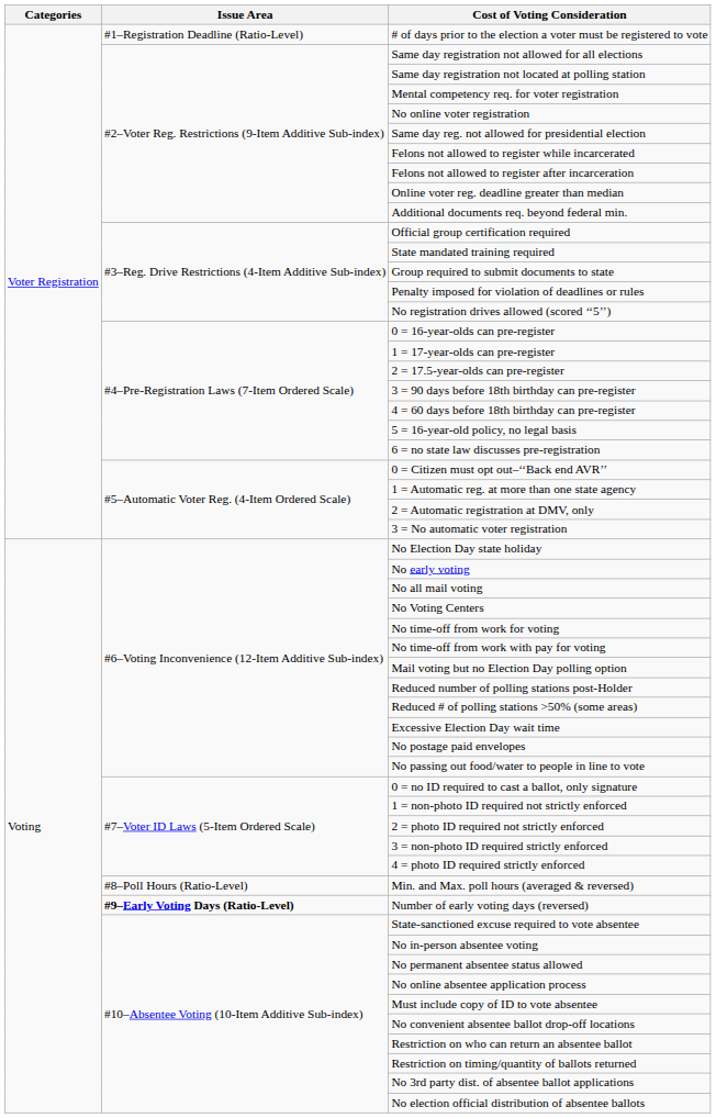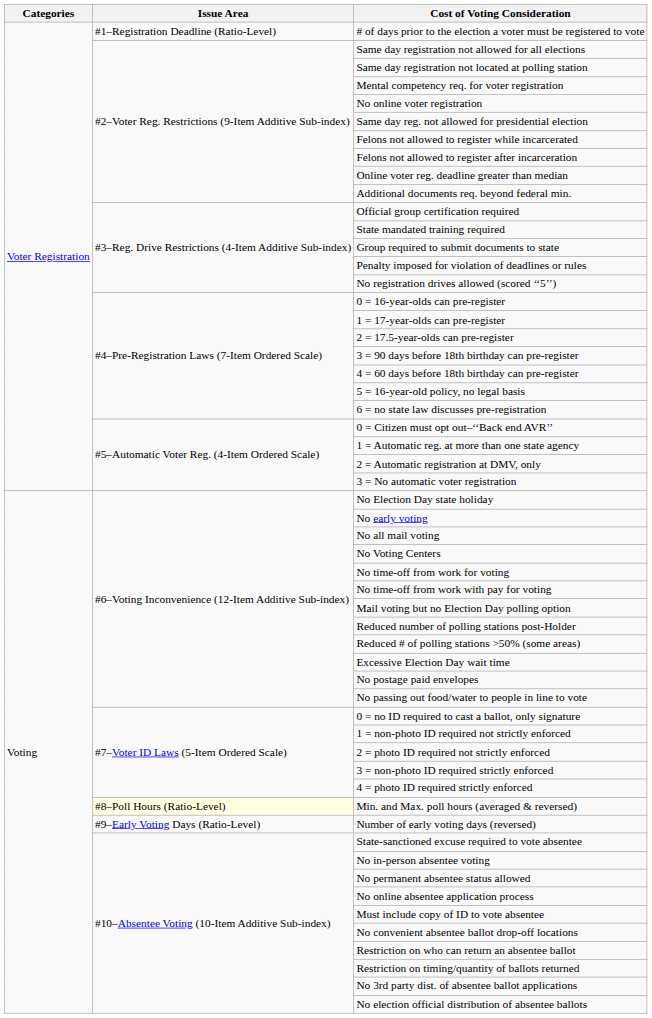 <table class="wikitable">
 <tr>
 <th>Categories</th>
 <th>Issue Area</th>
 <th>Cost of Voting Consideration</th>
 </tr>
 <tr>
 <td rowspan="26"><a href='#'>Voter Registration</a></td>
 <td>#1–Registration Deadline (Ratio-Level)</td>
 <td># of days prior to the election a voter must be registered to vote</td>
 </tr>
 <tr>
 <td rowspan="9">#2–Voter Reg. Restrictions (9-Item Additive Sub-index)</td>
 <td>Same day registration not allowed for all elections</td>
 </tr>
 <tr>
 <td>Same day registration not located at polling station</td>
 </tr>
 <tr>
 <td>Mental competency req. for voter registration</td>
 </tr>
 <tr>
 <td>No online voter registration</td>
 </tr>
 <tr>
 <td>Same day reg. not allowed for presidential election</td>
 </tr>
 <tr>
 <td>Felons not allowed to register while incarcerated</td>
 </tr>
 <tr>
 <td>Felons not allowed to register after incarceration</td>
 </tr>
 <tr>
 <td>Online voter reg. deadline greater than median</td>
 </tr>
 <tr>
 <td>Additional documents req. beyond federal min.</td>
 </tr>
 <tr>
 <td rowspan="5">#3–Reg. Drive Restrictions (4-Item Additive Sub-index)</td>
 <td>Official group certification required</td>
 </tr>
 <tr>
 <td>State mandated training required</td>
 </tr>
 <tr>
 <td>Group required to submit documents to state</td>
 </tr>
 <tr>
 <td>Penalty imposed for violation of deadlines or rules</td>
 </tr>
 <tr>
 <td>No registration drives allowed (scored ‘‘5’’)</td>
 </tr>
 <tr>
 <td rowspan="7">#4–Pre-Registration Laws (7-Item Ordered Scale)</td>
 <td>0 = 16-year-olds can pre-register</td>
 </tr>
 <tr>
 <td>1 = 17-year-olds can pre-register</td>
 </tr>
 <tr>
 <td>2 = 17.5-year-olds can pre-register</td>
 </tr>
 <tr>
 <td>3 = 90 days before 18th birthday can pre-register</td>
 </tr>
 <tr>
 <td>4 = 60 days before 18th birthday can pre-register</td>
 </tr>
 <tr>
 <td>5 = 16-year-old policy, no legal basis</td>
 </tr>
 <tr>
 <td>6 = no state law discusses pre-registration</td>
 </tr>
 <tr>
 <td rowspan="4">#5–Automatic Voter Reg. (4-Item Ordered Scale)</td>
 <td>0 = Citizen must opt out–‘‘Back end AVR’’</td>
 </tr>
 <tr>
 <td>1 = Automatic reg. at more than one state agency</td>
 </tr>
 <tr>
 <td>2 = Automatic registration at DMV, only</td>
 </tr>
 <tr>
 <td>3 = No automatic voter registration</td>
 </tr>
 <tr>
 <td rowspan="29">Voting</td>
 <td rowspan="12">#6–Voting Inconvenience (12-Item Additive Sub-index)</td>
 <td>No Election Day state holiday</td>
 </tr>
 <tr>
 <td>No <a href='#'>early voting</a></td>
 </tr>
 <tr>
 <td>No all mail voting</td>
 </tr>
 <tr>
 <td>No Voting Centers</td>
 </tr>
 <tr>
 <td>No time-off from work for voting</td>
 </tr>
 <tr>
 <td>No time-off from work with pay for voting</td>
 </tr>
 <tr>
 <td>Mail voting but no Election Day polling option</td>
 </tr>
 <tr>
 <td>Reduced number of polling stations post-Holder</td>
 </tr>
 <tr>
 <td>Reduced # of polling stations >50% (some areas)</td>
 </tr>
 <tr>
 <td>Excessive Election Day wait time</td>
 </tr>
 <tr>
 <td>No postage paid envelopes</td>
 </tr>
 <tr>
 <td>No passing out food/water to people in line to vote</td>
 </tr>
 <tr>
 <td rowspan="5">#7–<a href='#'>Voter ID Laws</a> (5-Item Ordered Scale)</td>
 <td>0 = no ID required to cast a ballot, only signature</td>
 </tr>
 <tr>
 <td>1 = non-photo ID required not strictly enforced</td>
 </tr>
 <tr>
 <td>2 = photo ID required not strictly enforced</td>
 </tr>
 <tr>
 <td>3 = non-photo ID required strictly enforced</td>
 </tr>
 <tr>
 <td>4 = photo ID required strictly enforced</td>
 </tr>
 <tr>
-<td>#8–Poll Hours (Ratio-Level)</td>
+<td style="background: lightyellow;">#8–Poll Hours (Ratio-Level)</td>
 <td>Min. and Max. poll hours (averaged & reversed)</td>
 </tr>
 <tr>
-<td><strong>#9–<a href='#'>Early Voting</a> Days (Ratio-Level)</strong></td>
+<td>#9–<a href='#'>Early Voting</a> Days (Ratio-Level)</td>
 <td>Number of early voting days (reversed)</td>
 </tr>
 <tr>
 <td rowspan="10">#10–<a href='#'>Absentee Voting</a> (10-Item Additive Sub-index)</td>
 <td>State-sanctioned excuse required to vote absentee</td>
 </tr>
 <tr>
 <td>No in-person absentee voting</td>
 </tr>
 <tr>
 <td>No permanent absentee status allowed</td>
 </tr>
 <tr>
 <td>No online absentee application process</td>
 </tr>
 <tr>
 <td>Must include copy of ID to vote absentee</td>
 </tr>
 <tr>
 <td>No convenient absentee ballot drop-off locations</td>
 </tr>
 <tr>
 <td>Restriction on who can return an absentee ballot</td>
 </tr>
 <tr>
 <td>Restriction on timing/quantity of ballots returned</td>
 </tr>
 <tr>
 <td>No 3rd party dist. of absentee ballot applications</td>
 </tr>
 <tr>
 <td>No election official distribution of absentee ballots</td>
 </tr>
 </table>
